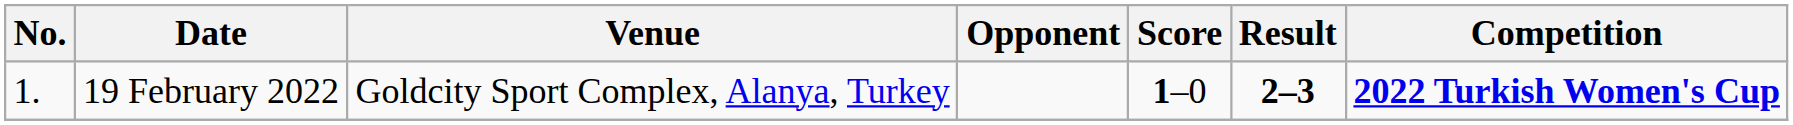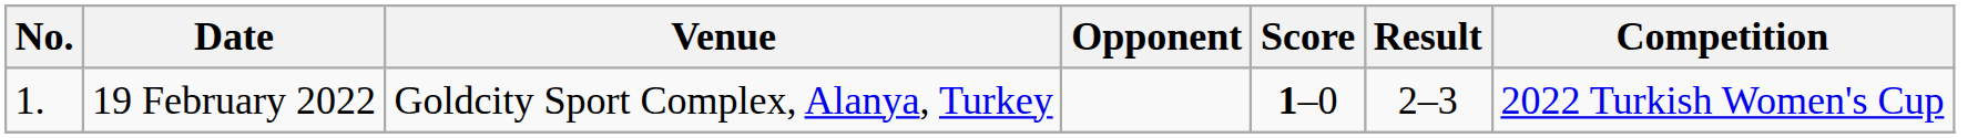 <table class="wikitable">
 <tr>
 <th>No.</th>
 <th>Date</th>
 <th>Venue</th>
 <th>Opponent</th>
 <th>Score</th>
 <th>Result</th>
 <th>Competition</th>
 </tr>
 <tr>
 <td>1.</td>
 <td>19 February 2022</td>
 <td>Goldcity Sport Complex, <a href='#'>Alanya</a>, <a href='#'>Turkey</a></td>
 <td></td>
 <td align=center><strong>1</strong>–0</td>
-<td align=center><strong>2–3</strong></td>
-<td><strong><a href='#'>2022 Turkish Women's Cup</a></strong></td>
+<td align=center>2–3</td>
+<td><a href='#'>2022 Turkish Women's Cup</a></td>
 </tr>
 <tr>
 </tr>
 </table>
